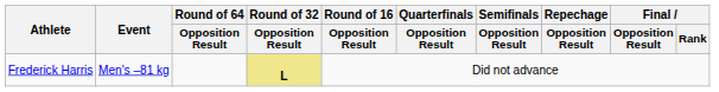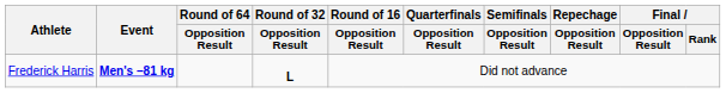 <table class="wikitable" style="font-size:90%">
 <tr>
 <th rowspan="2">Athlete</th>
 <th rowspan="2">Event</th>
 <th>Round of 64</th>
 <th>Round of 32</th>
 <th>Round of 16</th>
 <th>Quarterfinals</th>
 <th>Semifinals</th>
 <th>Repechage</th>
 <th colspan=2>Final / </th>
 </tr>
 <tr style="font-size:95%">
 <th>Opposition<br>Result</th>
 <th>Opposition<br>Result</th>
 <th>Opposition<br>Result</th>
 <th>Opposition<br>Result</th>
 <th>Opposition<br>Result</th>
 <th>Opposition<br>Result</th>
 <th>Opposition<br>Result</th>
 <th>Rank</th>
 </tr>
 <tr align=center>
 <td align=left><a href='#'>Frederick Harris</a></td>
-<td align=left><a href='#'>Men's –81 kg</a></td>
+<td align=left><strong><a href='#'>Men's –81 kg</a></strong></td>
 <td></td>
-<td style="background: khaki;"><br><strong>L</strong> </td>
+<td><br><strong>L</strong> </td>
 <td colspan=6>Did not advance</td>
 </tr>
 </table>
